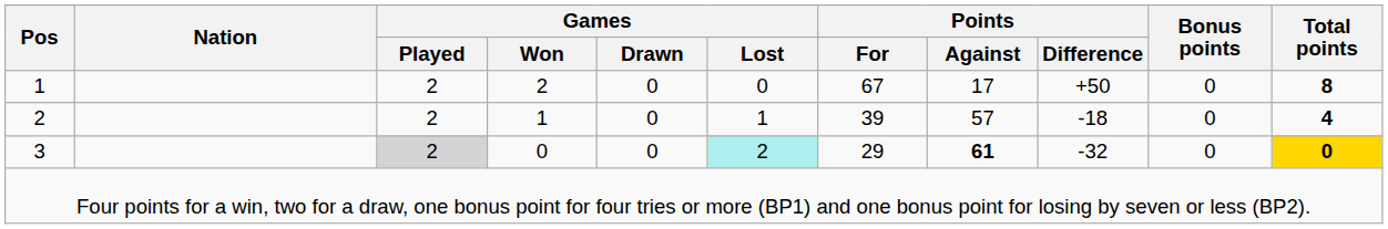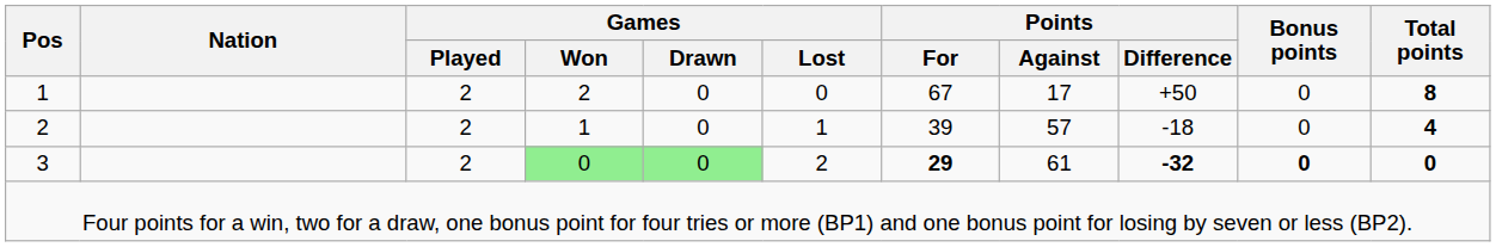 <table class="wikitable" style="text-align:center">
 <tr>
 <th rowspan="2" style="width:5%;">Pos</th>
 <th rowspan="2" style="width:22%;">Nation</th>
 <th colspan="4" style="width:32%;">Games</th>
 <th colspan="3" style="width:32%;">Points</th>
 <th rowspan="2" style="width:9%;">Bonus<br>points</th>
 <th rowspan="2" style="width:9%;">Total<br>points</th>
 </tr>
 <tr>
 <th style="width:8%;">Played</th>
 <th style="width:8%;">Won</th>
 <th style="width:8%;">Drawn</th>
 <th style="width:8%;">Lost</th>
 <th style="width:8%;">For</th>
 <th style="width:8%;">Against</th>
 <th style="width:8%;">Difference</th>
 </tr>
 <tr>
 <td>1</td>
 <td align="left"></td>
 <td>2</td>
 <td>2</td>
 <td>0</td>
 <td>0</td>
 <td>67</td>
 <td>17</td>
 <td>+50</td>
 <td>0</td>
 <td><strong>8</strong></td>
 </tr>
 <tr>
 <td>2</td>
 <td align="left"></td>
 <td>2</td>
 <td>1</td>
 <td>0</td>
 <td>1</td>
 <td>39</td>
 <td>57</td>
 <td>-18</td>
 <td>0</td>
 <td><strong>4</strong></td>
 </tr>
 <tr>
 <td>3</td>
 <td align="left"></td>
-<td style="background: lightgrey;">2</td>
-<td>0</td>
-<td>0</td>
-<td style="background: paleturquoise;">2</td>
-<td>29</td>
-<td><strong>61</strong></td>
-<td>-32</td>
-<td>0</td>
-<td style="background: gold;"><strong>0</strong></td>
+<td>2</td>
+<td style="background: lightgreen;">0</td>
+<td style="background: lightgreen;">0</td>
+<td>2</td>
+<td><strong>29</strong></td>
+<td>61</td>
+<td><strong>-32</strong></td>
+<td><strong>0</strong></td>
+<td><strong>0</strong></td>
 </tr>
 <tr>
 <td colspan="100%" style="text-align:center;"><br>Four points for a win, two for a draw, one bonus point for four tries or more (BP1) and one bonus point for losing by seven or less (BP2).</td>
 </tr>
 </table>
